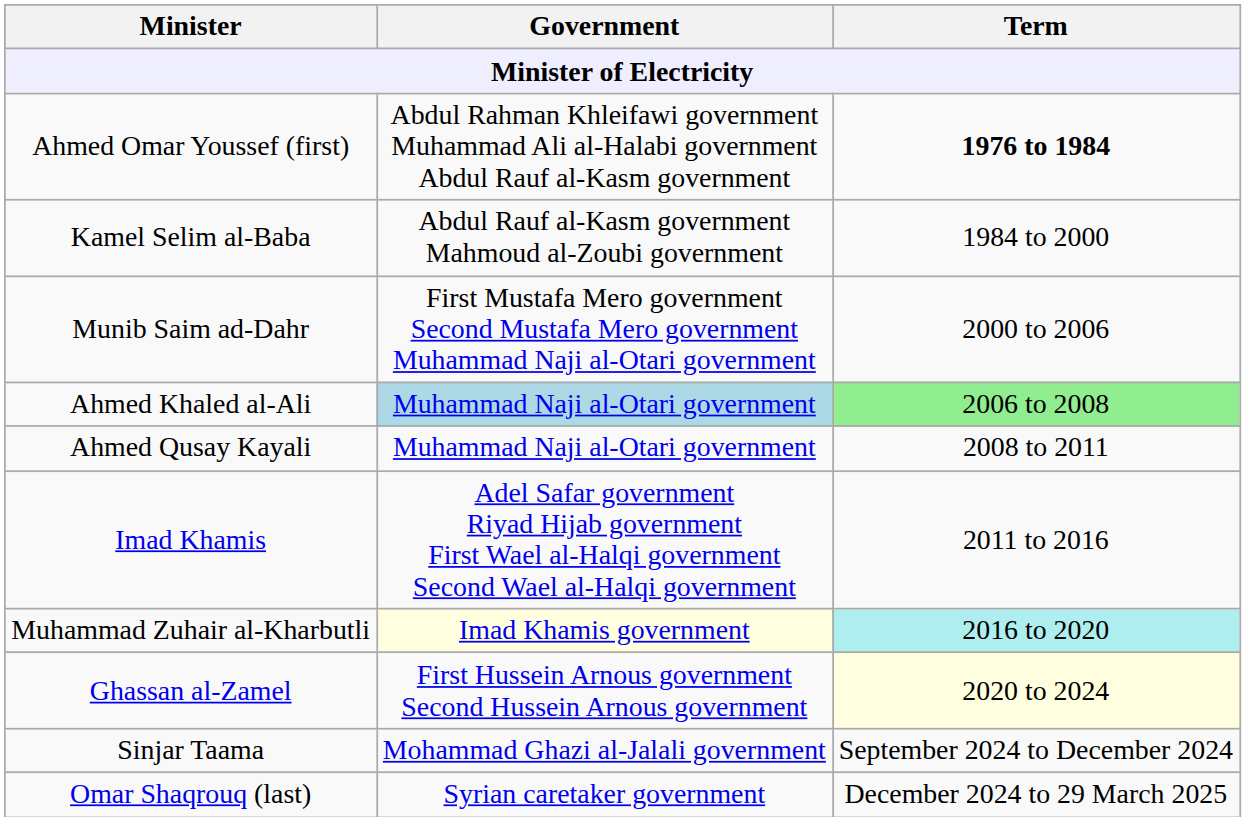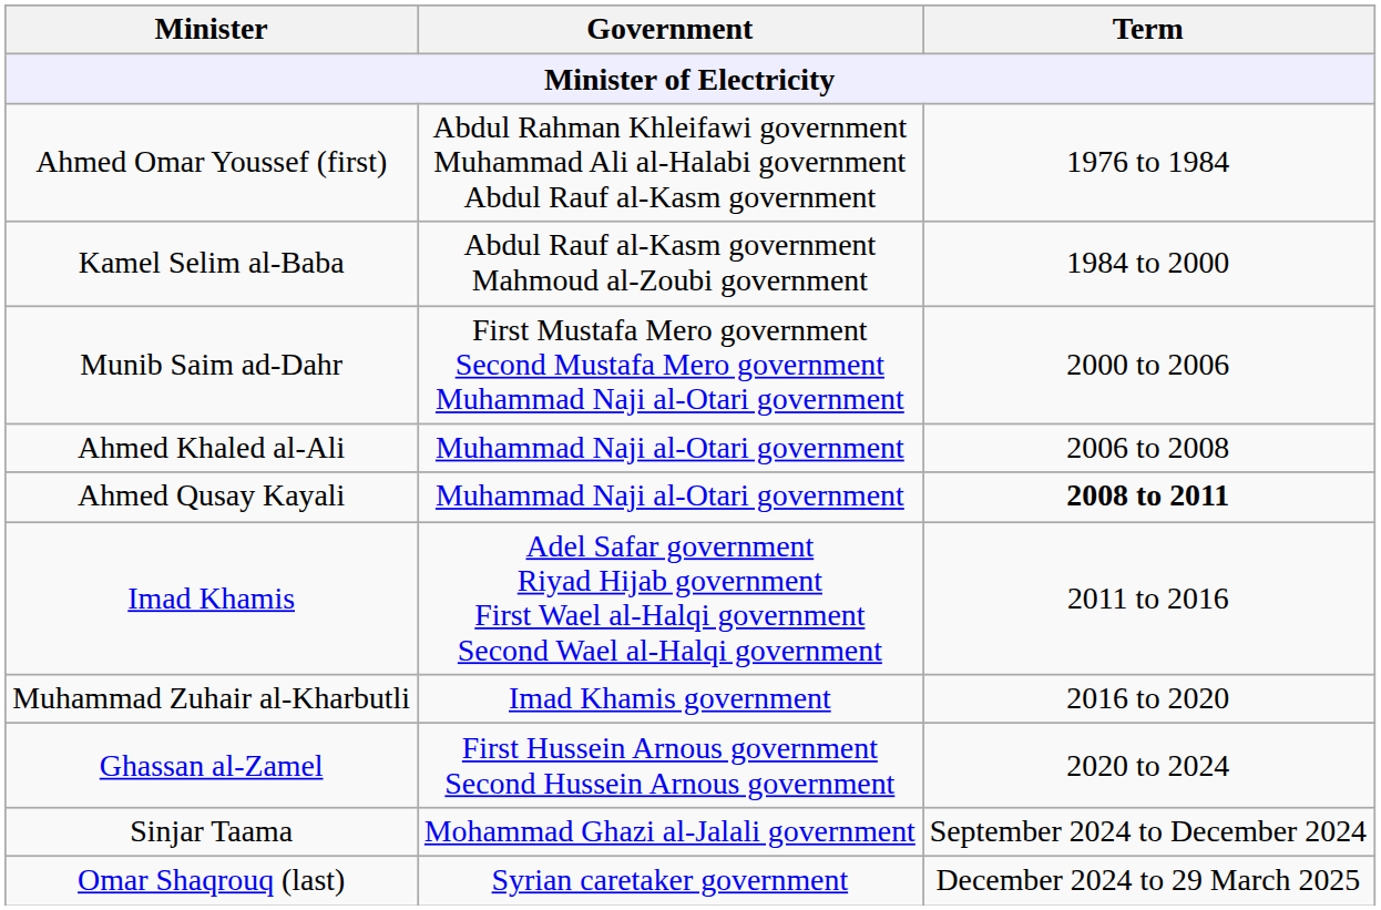 <table class="wikitable" style="text-align:center;">
 <tr>
 <th>Minister</th>
 <th>Government</th>
 <th>Term</th>
 </tr>
 <tr>
 <th style="background:#EEEEFF" colspan="6">Minister of Electricity</th>
 </tr>
 <tr>
 <td>Ahmed Omar Youssef (first)</td>
 <td>Abdul Rahman Khleifawi government<br>Muhammad Ali al-Halabi government<br>Abdul Rauf al-Kasm government</td>
-<td><strong>1976 to 1984</strong></td>
+<td>1976 to 1984</td>
 </tr>
 <tr>
 <td>Kamel Selim al-Baba</td>
 <td>Abdul Rauf al-Kasm government<br>Mahmoud al-Zoubi government</td>
 <td>1984 to 2000</td>
 </tr>
 <tr>
 <td>Munib Saim ad-Dahr</td>
 <td>First Mustafa Mero government<br><a href='#'>Second Mustafa Mero government</a><br><a href='#'>Muhammad Naji al-Otari government</a></td>
 <td>2000 to 2006</td>
 </tr>
 <tr>
 <td>Ahmed Khaled al-Ali</td>
-<td style="background: lightblue;"><a href='#'>Muhammad Naji al-Otari government</a></td>
-<td style="background: lightgreen;">2006 to 2008</td>
+<td><a href='#'>Muhammad Naji al-Otari government</a></td>
+<td>2006 to 2008</td>
 </tr>
 <tr>
 <td>Ahmed Qusay Kayali</td>
 <td><a href='#'>Muhammad Naji al-Otari government</a></td>
-<td>2008 to 2011</td>
+<td><strong>2008 to 2011</strong></td>
 </tr>
 <tr>
 <td><a href='#'>Imad Khamis</a></td>
 <td><a href='#'>Adel Safar government</a><br><a href='#'>Riyad Hijab government</a><br><a href='#'>First Wael al-Halqi government</a><br><a href='#'>Second Wael al-Halqi government</a></td>
 <td>2011 to 2016</td>
 </tr>
 <tr>
 <td>Muhammad Zuhair al-Kharbutli</td>
-<td style="background: lightyellow;"><a href='#'>Imad Khamis government</a></td>
-<td style="background: paleturquoise;">2016 to 2020</td>
+<td><a href='#'>Imad Khamis government</a></td>
+<td>2016 to 2020</td>
 </tr>
 <tr>
 <td><a href='#'>Ghassan al-Zamel</a></td>
 <td><a href='#'>First Hussein Arnous government</a><br><a href='#'>Second Hussein Arnous government</a></td>
-<td style="background: lightyellow;">2020 to 2024</td>
+<td>2020 to 2024</td>
 </tr>
 <tr>
 <td>Sinjar Taama</td>
 <td><a href='#'>Mohammad Ghazi al-Jalali government</a></td>
 <td>September 2024 to December 2024</td>
 </tr>
 <tr>
 <td><a href='#'>Omar Shaqrouq</a> (last)</td>
 <td><a href='#'>Syrian caretaker government</a></td>
 <td>December 2024 to 29 March 2025</td>
 </tr>
 </table>
